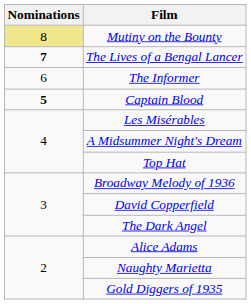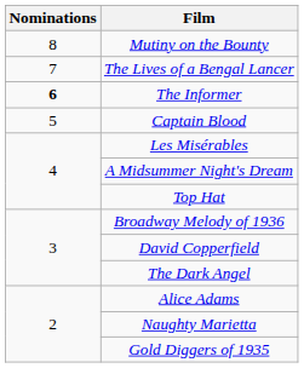 <table class="wikitable plainrowheaders" style="text-align: center; margin-right:1em;">
 <tr>
 <th scope="col" style="width:55px;">Nominations</th>
 <th scope="col" style="text-align:center;">Film</th>
 </tr>
 <tr>
-<td style="background: khaki;">8</td>
+<td>8</td>
 <td><em><a href='#'>Mutiny on the Bounty</a></em></td>
 </tr>
 <tr>
-<td><strong>7</strong></td>
+<td>7</td>
 <td><em><a href='#'>The Lives of a Bengal Lancer</a></em></td>
 </tr>
 <tr>
-<td>6</td>
+<td><strong>6</strong></td>
 <td><em><a href='#'>The Informer</a></em></td>
 </tr>
 <tr>
-<td><strong>5</strong></td>
+<td>5</td>
 <td><em><a href='#'>Captain Blood</a></em></td>
 </tr>
 <tr>
 <td scope="row" rowspan="3" style="text-align:center">4</td>
 <td><em><a href='#'>Les Misérables</a></em></td>
 </tr>
 <tr>
 <td><em><a href='#'>A Midsummer Night's Dream</a></em></td>
 </tr>
 <tr>
 <td><em><a href='#'>Top Hat</a></em></td>
 </tr>
 <tr>
 <td scope="row" rowspan="3" style="text-align:center">3</td>
 <td><em><a href='#'>Broadway Melody of 1936</a></em></td>
 </tr>
 <tr>
 <td><em><a href='#'>David Copperfield</a></em></td>
 </tr>
 <tr>
 <td><em><a href='#'>The Dark Angel</a></em></td>
 </tr>
 <tr>
 <td scope="row" rowspan="3" style="text-align:center">2</td>
 <td><em><a href='#'>Alice Adams</a></em></td>
 </tr>
 <tr>
 <td><em><a href='#'>Naughty Marietta</a></em></td>
 </tr>
 <tr>
 <td><em><a href='#'>Gold Diggers of 1935</a></em></td>
 </tr>
 </table>
